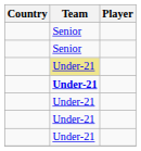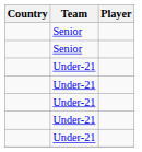 <table class="wikitable sortable">
 <tr>
 <th>Country</th>
 <th>Team</th>
 <th>Player</th>
 </tr>
 <tr>
 <td></td>
 <td><a href='#'>Senior</a></td>
 <td></td>
 </tr>
 <tr>
 <td></td>
 <td><a href='#'>Senior</a></td>
 <td></td>
 </tr>
 <tr>
 <td></td>
-<td style="background: khaki;"><a href='#'>Under-21</a></td>
+<td><a href='#'>Under-21</a></td>
 <td></td>
 </tr>
 <tr>
 <td></td>
-<td><strong><a href='#'>Under-21</a></strong></td>
+<td><a href='#'>Under-21</a></td>
 <td></td>
 </tr>
 <tr>
 <td></td>
 <td><a href='#'>Under-21</a></td>
 <td></td>
 </tr>
 <tr>
 <td></td>
 <td><a href='#'>Under-21</a></td>
 <td></td>
 </tr>
 <tr>
 <td></td>
 <td><a href='#'>Under-21</a></td>
 <td></td>
 </tr>
 <tr>
 </tr>
 </table>
